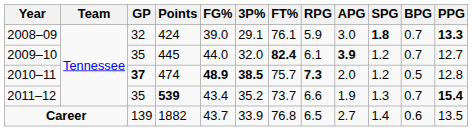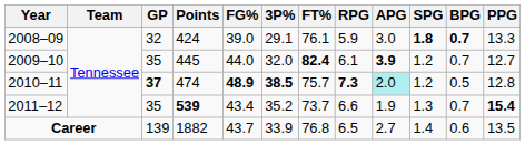 <table class="wikitable sortable">
 <tr>
 <th>Year</th>
 <th>Team</th>
 <th>GP</th>
 <th>Points</th>
 <th>FG%</th>
 <th>3P%</th>
 <th>FT%</th>
 <th>RPG</th>
 <th>APG</th>
 <th>SPG</th>
 <th>BPG</th>
 <th>PPG</th>
 </tr>
 <tr>
 <td>2008–09</td>
 <td rowspan=4><a href='#'>Tennessee</a></td>
 <td>32</td>
 <td>424</td>
 <td>39.0</td>
 <td>29.1</td>
 <td>76.1</td>
 <td>5.9</td>
 <td>3.0</td>
 <td><strong>1.8</strong></td>
-<td>0.7</td>
-<td><strong>13.3</strong></td>
+<td><strong>0.7</strong></td>
+<td>13.3</td>
 </tr>
 <tr>
 <td>2009–10</td>
 <td>35</td>
 <td>445</td>
 <td>44.0</td>
 <td>32.0</td>
 <td><strong>82.4</strong></td>
 <td>6.1</td>
 <td><strong>3.9</strong></td>
 <td>1.2</td>
 <td>0.7</td>
 <td>12.7</td>
 </tr>
 <tr>
 <td>2010–11</td>
 <td><strong>37</strong></td>
 <td>474</td>
 <td><strong>48.9</strong></td>
 <td><strong>38.5</strong></td>
 <td>75.7</td>
 <td><strong>7.3</strong></td>
-<td>2.0</td>
+<td style="background: paleturquoise;">2.0</td>
 <td>1.2</td>
 <td>0.5</td>
 <td>12.8</td>
 </tr>
 <tr>
 <td>2011–12</td>
 <td>35</td>
 <td><strong>539</strong></td>
 <td>43.4</td>
 <td>35.2</td>
 <td>73.7</td>
 <td>6.6</td>
 <td>1.9</td>
 <td>1.3</td>
 <td>0.7</td>
 <td><strong>15.4</strong></td>
 </tr>
 <tr class="sortbottom">
 <td colspan=2 align=center><strong>Career</strong></td>
 <td>139</td>
 <td>1882</td>
 <td>43.7</td>
 <td>33.9</td>
 <td>76.8</td>
 <td>6.5</td>
 <td>2.7</td>
 <td>1.4</td>
 <td>0.6</td>
 <td>13.5</td>
 </tr>
 </table>
